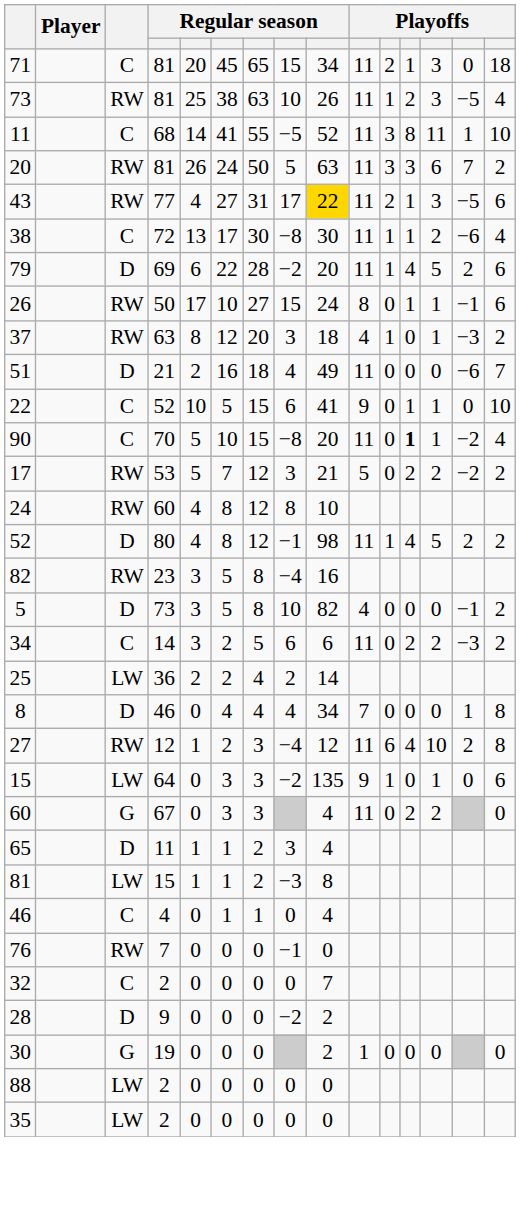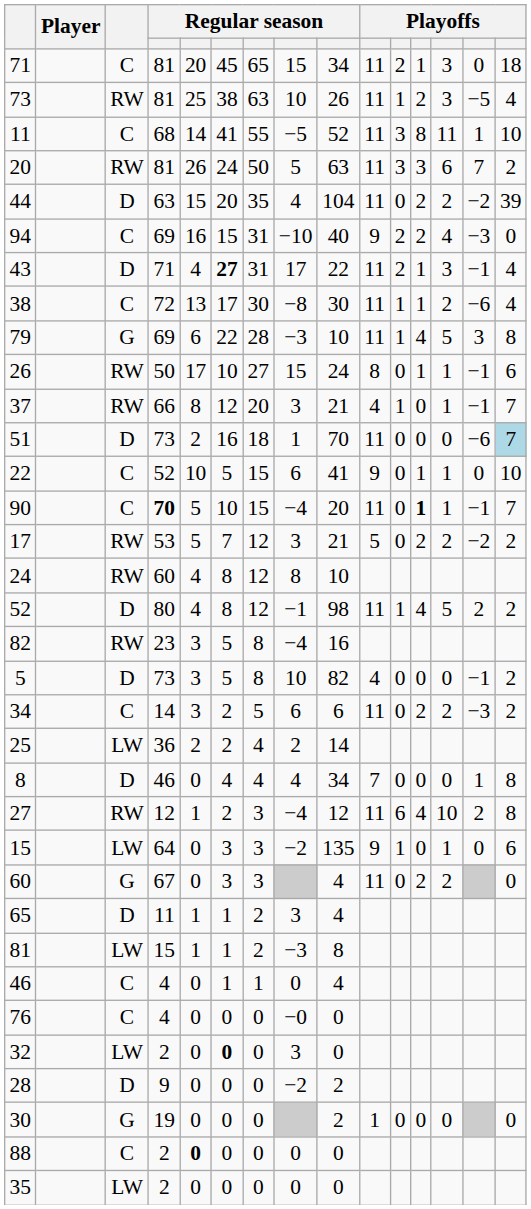 <table class="wikitable sortable plainrowheaders" style="text-align:center;">
 <tr>
 <th scope="col" data-sort-type="number" rowspan="2"></th>
 <th scope="col" rowspan="2">Player</th>
 <th scope="col" rowspan="2"></th>
 <th scope=colgroup colspan=6>Regular season</th>
 <th scope=colgroup colspan=6>Playoffs</th>
 </tr>
 <tr>
 <th scope="col" data-sort-type="number"></th>
 <th scope="col" data-sort-type="number"></th>
 <th scope="col" data-sort-type="number"></th>
 <th scope="col" data-sort-type="number"></th>
 <th scope="col" data-sort-type="number"></th>
 <th scope="col" data-sort-type="number"></th>
 <th scope="col" data-sort-type="number"></th>
 <th scope="col" data-sort-type="number"></th>
 <th scope="col" data-sort-type="number"></th>
 <th scope="col" data-sort-type="number"></th>
 <th scope="col" data-sort-type="number"></th>
 <th scope="col" data-sort-type="number"></th>
 </tr>
 <tr>
 <td scope="row">71</td>
 <td align="left"></td>
 <td>C</td>
 <td>81</td>
 <td>20</td>
 <td>45</td>
 <td>65</td>
 <td>15</td>
 <td>34</td>
 <td>11</td>
 <td>2</td>
 <td>1</td>
 <td>3</td>
 <td>0</td>
 <td>18</td>
 </tr>
 <tr>
 <td scope="row">73</td>
 <td align="left"></td>
 <td>RW</td>
 <td>81</td>
 <td>25</td>
 <td>38</td>
 <td>63</td>
 <td>10</td>
 <td>26</td>
 <td>11</td>
 <td>1</td>
 <td>2</td>
 <td>3</td>
 <td>−5</td>
 <td>4</td>
 </tr>
 <tr>
 <td scope="row">11</td>
 <td align="left"></td>
 <td>C</td>
 <td>68</td>
 <td>14</td>
 <td>41</td>
 <td>55</td>
 <td>−5</td>
 <td>52</td>
 <td>11</td>
 <td>3</td>
 <td>8</td>
 <td>11</td>
 <td>1</td>
 <td>10</td>
 </tr>
 <tr>
 <td scope="row">20</td>
 <td align="left"></td>
 <td>RW</td>
 <td>81</td>
 <td>26</td>
 <td>24</td>
 <td>50</td>
 <td>5</td>
 <td>63</td>
 <td>11</td>
 <td>3</td>
 <td>3</td>
 <td>6</td>
 <td>7</td>
 <td>2</td>
 </tr>
 <tr>
+<td scope="row">44</td>
+<td align="left"></td>
+<td>D</td>
+<td>63</td>
+<td>15</td>
+<td>20</td>
+<td>35</td>
+<td>4</td>
+<td>104</td>
+<td>11</td>
+<td>0</td>
+<td>2</td>
+<td>2</td>
+<td>−2</td>
+<td>39</td>
+</tr>
+<tr>
+<td scope="row">94</td>
+<td align="left"></td>
+<td>C</td>
+<td>69</td>
+<td>16</td>
+<td>15</td>
+<td>31</td>
+<td>−10</td>
+<td>40</td>
+<td>9</td>
+<td>2</td>
+<td>2</td>
+<td>4</td>
+<td>−3</td>
+<td>0</td>
+</tr>
+<tr>
 <td scope="row">43</td>
 <td align="left"></td>
-<td>RW</td>
-<td>77</td>
+<td>D</td>
+<td>71</td>
 <td>4</td>
-<td>27</td>
+<td><strong>27</strong></td>
 <td>31</td>
 <td>17</td>
-<td style="background: gold;">22</td>
+<td>22</td>
 <td>11</td>
 <td>2</td>
 <td>1</td>
 <td>3</td>
-<td>−5</td>
-<td>6</td>
+<td>−1</td>
+<td>4</td>
 </tr>
 <tr>
 <td scope="row">38</td>
 <td align="left"></td>
 <td>C</td>
 <td>72</td>
 <td>13</td>
 <td>17</td>
 <td>30</td>
 <td>−8</td>
 <td>30</td>
 <td>11</td>
 <td>1</td>
 <td>1</td>
 <td>2</td>
 <td>−6</td>
 <td>4</td>
 </tr>
 <tr>
 <td scope="row">79</td>
 <td align="left"></td>
-<td>D</td>
+<td>G</td>
 <td>69</td>
 <td>6</td>
 <td>22</td>
 <td>28</td>
-<td>−2</td>
-<td>20</td>
+<td>−3</td>
+<td>10</td>
 <td>11</td>
 <td>1</td>
 <td>4</td>
 <td>5</td>
-<td>2</td>
-<td>6</td>
+<td>3</td>
+<td>8</td>
 </tr>
 <tr>
 <td scope="row">26</td>
 <td align="left"></td>
 <td>RW</td>
 <td>50</td>
 <td>17</td>
 <td>10</td>
 <td>27</td>
 <td>15</td>
 <td>24</td>
 <td>8</td>
 <td>0</td>
 <td>1</td>
 <td>1</td>
 <td>−1</td>
 <td>6</td>
 </tr>
 <tr>
 <td scope="row">37</td>
 <td align="left"></td>
 <td>RW</td>
-<td>63</td>
+<td>66</td>
 <td>8</td>
 <td>12</td>
 <td>20</td>
 <td>3</td>
-<td>18</td>
+<td>21</td>
 <td>4</td>
 <td>1</td>
 <td>0</td>
 <td>1</td>
-<td>−3</td>
-<td>2</td>
+<td>−1</td>
+<td>7</td>
 </tr>
 <tr>
 <td scope="row">51</td>
 <td align="left"></td>
 <td>D</td>
-<td>21</td>
+<td>73</td>
 <td>2</td>
 <td>16</td>
 <td>18</td>
-<td>4</td>
-<td>49</td>
+<td>1</td>
+<td>70</td>
 <td>11</td>
 <td>0</td>
 <td>0</td>
 <td>0</td>
 <td>−6</td>
-<td>7</td>
+<td style="background: lightblue;">7</td>
 </tr>
 <tr>
 <td scope="row">22</td>
 <td align="left"></td>
 <td>C</td>
 <td>52</td>
 <td>10</td>
 <td>5</td>
 <td>15</td>
 <td>6</td>
 <td>41</td>
 <td>9</td>
 <td>0</td>
 <td>1</td>
 <td>1</td>
 <td>0</td>
 <td>10</td>
 </tr>
 <tr>
 <td scope="row">90</td>
 <td align="left"></td>
 <td>C</td>
-<td>70</td>
+<td><strong>70</strong></td>
 <td>5</td>
 <td>10</td>
 <td>15</td>
-<td>−8</td>
+<td>−4</td>
 <td>20</td>
 <td>11</td>
 <td>0</td>
 <td><strong>1</strong></td>
 <td>1</td>
-<td>−2</td>
-<td>4</td>
+<td>−1</td>
+<td>7</td>
 </tr>
 <tr>
 <td scope="row">17</td>
 <td align="left"></td>
 <td>RW</td>
 <td>53</td>
 <td>5</td>
 <td>7</td>
 <td>12</td>
 <td>3</td>
 <td>21</td>
 <td>5</td>
 <td>0</td>
 <td>2</td>
 <td>2</td>
 <td>−2</td>
 <td>2</td>
 </tr>
 <tr>
 <td scope="row">24</td>
 <td align="left"></td>
 <td>RW</td>
 <td>60</td>
 <td>4</td>
 <td>8</td>
 <td>12</td>
 <td>8</td>
 <td>10</td>
 <td></td>
 <td></td>
 <td></td>
 <td></td>
 <td></td>
 <td></td>
 </tr>
 <tr>
 <td scope="row">52</td>
 <td align="left"></td>
 <td>D</td>
 <td>80</td>
 <td>4</td>
 <td>8</td>
 <td>12</td>
 <td>−1</td>
 <td>98</td>
 <td>11</td>
 <td>1</td>
 <td>4</td>
 <td>5</td>
 <td>2</td>
 <td>2</td>
 </tr>
 <tr>
 <td scope="row">82</td>
 <td align="left"></td>
 <td>RW</td>
 <td>23</td>
 <td>3</td>
 <td>5</td>
 <td>8</td>
 <td>−4</td>
 <td>16</td>
 <td></td>
 <td></td>
 <td></td>
 <td></td>
 <td></td>
 <td></td>
 </tr>
 <tr>
 <td scope="row">5</td>
 <td align="left"></td>
 <td>D</td>
 <td>73</td>
 <td>3</td>
 <td>5</td>
 <td>8</td>
 <td>10</td>
 <td>82</td>
 <td>4</td>
 <td>0</td>
 <td>0</td>
 <td>0</td>
 <td>−1</td>
 <td>2</td>
 </tr>
 <tr>
 <td scope="row">34</td>
 <td align="left"></td>
 <td>C</td>
 <td>14</td>
 <td>3</td>
 <td>2</td>
 <td>5</td>
 <td>6</td>
 <td>6</td>
 <td>11</td>
 <td>0</td>
 <td>2</td>
 <td>2</td>
 <td>−3</td>
 <td>2</td>
 </tr>
 <tr>
 <td scope="row">25</td>
 <td align="left"></td>
 <td>LW</td>
 <td>36</td>
 <td>2</td>
 <td>2</td>
 <td>4</td>
 <td>2</td>
 <td>14</td>
 <td></td>
 <td></td>
 <td></td>
 <td></td>
 <td></td>
 <td></td>
 </tr>
 <tr>
 <td scope="row">8</td>
 <td align="left"></td>
 <td>D</td>
 <td>46</td>
 <td>0</td>
 <td>4</td>
 <td>4</td>
 <td>4</td>
 <td>34</td>
 <td>7</td>
 <td>0</td>
 <td>0</td>
 <td>0</td>
 <td>1</td>
 <td>8</td>
 </tr>
 <tr>
 <td scope="row">27</td>
 <td align="left"></td>
 <td>RW</td>
 <td>12</td>
 <td>1</td>
 <td>2</td>
 <td>3</td>
 <td>−4</td>
 <td>12</td>
 <td>11</td>
 <td>6</td>
 <td>4</td>
 <td>10</td>
 <td>2</td>
 <td>8</td>
 </tr>
 <tr>
 <td scope="row">15</td>
 <td align="left"></td>
 <td>LW</td>
 <td>64</td>
 <td>0</td>
 <td>3</td>
 <td>3</td>
 <td>−2</td>
 <td>135</td>
 <td>9</td>
 <td>1</td>
 <td>0</td>
 <td>1</td>
 <td>0</td>
 <td>6</td>
 </tr>
 <tr>
 <td scope="row">60</td>
 <td align="left"></td>
 <td>G</td>
 <td>67</td>
 <td>0</td>
 <td>3</td>
 <td>3</td>
 <td style="background:#ccc"></td>
 <td>4</td>
 <td>11</td>
 <td>0</td>
 <td>2</td>
 <td>2</td>
 <td style="background:#ccc"></td>
 <td>0</td>
 </tr>
 <tr>
 <td scope="row">65</td>
 <td align="left"></td>
 <td>D</td>
 <td>11</td>
 <td>1</td>
 <td>1</td>
 <td>2</td>
 <td>3</td>
 <td>4</td>
 <td></td>
 <td></td>
 <td></td>
 <td></td>
 <td></td>
 <td></td>
 </tr>
 <tr>
 <td scope="row">81</td>
 <td align="left"></td>
 <td>LW</td>
 <td>15</td>
 <td>1</td>
 <td>1</td>
 <td>2</td>
 <td>−3</td>
 <td>8</td>
 <td></td>
 <td></td>
 <td></td>
 <td></td>
 <td></td>
 <td></td>
 </tr>
 <tr>
 <td scope="row">46</td>
 <td align="left"></td>
 <td>C</td>
 <td>4</td>
 <td>0</td>
 <td>1</td>
 <td>1</td>
 <td>0</td>
 <td>4</td>
 <td></td>
 <td></td>
 <td></td>
 <td></td>
 <td></td>
 <td></td>
 </tr>
 <tr>
 <td scope="row">76</td>
 <td align="left"></td>
-<td>RW</td>
-<td>7</td>
+<td>C</td>
+<td>4</td>
 <td>0</td>
 <td>0</td>
 <td>0</td>
-<td>−1</td>
+<td>−0</td>
 <td>0</td>
 <td></td>
 <td></td>
 <td></td>
 <td></td>
 <td></td>
 <td></td>
 </tr>
 <tr>
 <td scope="row">32</td>
 <td align="left"></td>
-<td>C</td>
+<td>LW</td>
 <td>2</td>
 <td>0</td>
+<td><strong>0</strong></td>
 <td>0</td>
+<td>3</td>
 <td>0</td>
-<td>0</td>
-<td>7</td>
 <td></td>
 <td></td>
 <td></td>
 <td></td>
 <td></td>
 <td></td>
 </tr>
 <tr>
 <td scope="row">28</td>
 <td align="left"></td>
 <td>D</td>
 <td>9</td>
 <td>0</td>
 <td>0</td>
 <td>0</td>
 <td>−2</td>
 <td>2</td>
 <td></td>
 <td></td>
 <td></td>
 <td></td>
 <td></td>
 <td></td>
 </tr>
 <tr>
 <td scope="row">30</td>
 <td align="left"></td>
 <td>G</td>
 <td>19</td>
 <td>0</td>
 <td>0</td>
 <td>0</td>
 <td style="background:#ccc"></td>
 <td>2</td>
 <td>1</td>
 <td>0</td>
 <td>0</td>
 <td>0</td>
 <td style="background:#ccc"></td>
 <td>0</td>
 </tr>
 <tr>
 <td scope="row">88</td>
 <td align="left"></td>
-<td>LW</td>
+<td>C</td>
 <td>2</td>
-<td>0</td>
+<td><strong>0</strong></td>
 <td>0</td>
 <td>0</td>
 <td>0</td>
 <td>0</td>
 <td></td>
 <td></td>
 <td></td>
 <td></td>
 <td></td>
 <td></td>
 </tr>
 <tr>
 <td scope="row">35</td>
 <td align="left"></td>
 <td>LW</td>
 <td>2</td>
 <td>0</td>
 <td>0</td>
 <td>0</td>
 <td>0</td>
 <td>0</td>
 <td></td>
 <td></td>
 <td></td>
 <td></td>
 <td></td>
 <td></td>
 </tr>
 </table>
